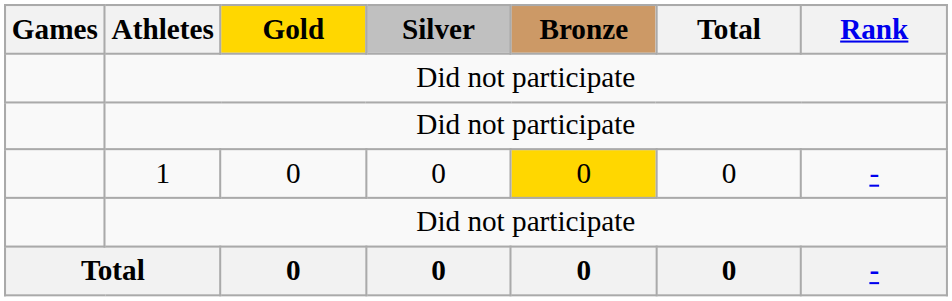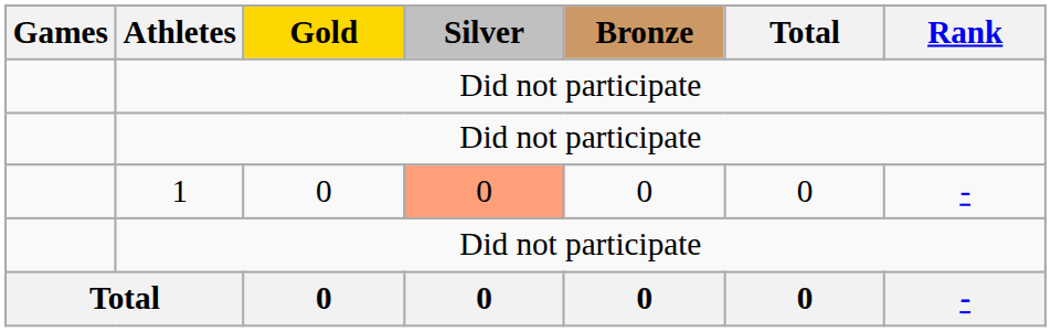 <table class="wikitable sortable" style="text-align:center; font-size:90%;">
 <tr>
 <th>Games</th>
 <th>Athletes</th>
 <th style="background:gold; width:4.5em; font-weight:bold;">Gold</th>
 <th style="background:silver; width:4.5em; font-weight:bold;">Silver</th>
 <th style="background:#cc9966; width:4.5em; font-weight:bold;">Bronze</th>
 <th style="width:4.5em; font-weight:bold;">Total</th>
 <th style="width:4.5em; font-weight:bold;"><a href='#'>Rank</a></th>
 </tr>
 <tr>
 <td align=left></td>
 <td colspan=6>Did not participate</td>
 </tr>
 <tr>
 <td align=left></td>
 <td colspan=6>Did not participate</td>
 </tr>
 <tr>
 <td align=left></td>
 <td>1</td>
 <td>0</td>
+<td style="background: lightsalmon;">0</td>
 <td>0</td>
-<td style="background: gold;">0</td>
 <td>0</td>
 <td><a href='#'>-</a></td>
 </tr>
 <tr>
 <td align=left></td>
 <td colspan=6>Did not participate</td>
 </tr>
 <tr>
 <th colspan=2>Total</th>
 <th>0</th>
 <th>0</th>
 <th>0</th>
 <th>0</th>
 <th><a href='#'>-</a></th>
 </tr>
 </table>
